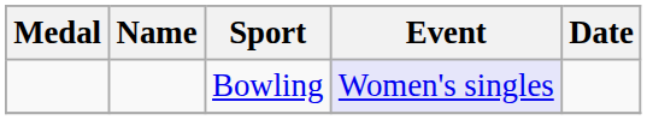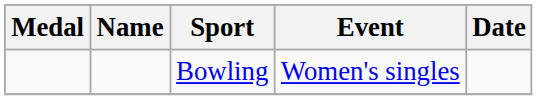 <table class="wikitable" style="font-size:90%">
 <tr>
 <th>Medal</th>
 <th>Name</th>
 <th>Sport</th>
 <th>Event</th>
 <th>Date</th>
 </tr>
 <tr>
 <td></td>
 <td></td>
 <td><a href='#'>Bowling</a></td>
-<td style="background: lavender;"><a href='#'>Women's singles</a></td>
+<td><a href='#'>Women's singles</a></td>
 <td></td>
 </tr>
 <tr>
 </tr>
 </table>
